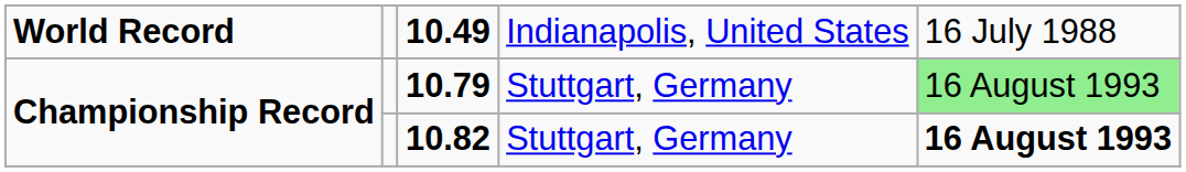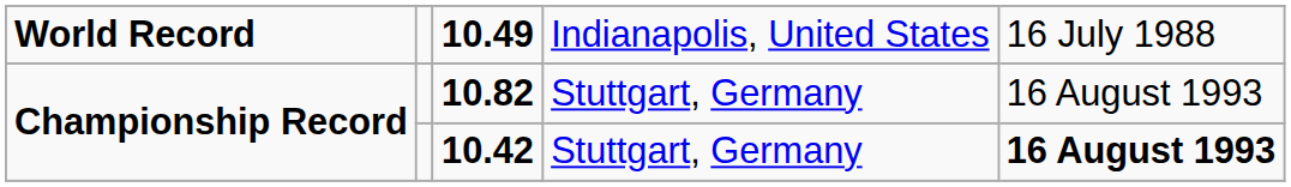 <table class="wikitable">
 <tr>
 <td><strong>World Record</strong></td>
 <td></td>
 <td><strong>10.49</strong></td>
 <td><a href='#'>Indianapolis</a>, <a href='#'>United States</a></td>
 <td>16 July 1988</td>
 </tr>
 <tr>
 <td rowspan="2"><strong>Championship Record</strong></td>
 <td></td>
-<td><strong>10.79</strong></td>
+<td><strong>10.82</strong></td>
 <td><a href='#'>Stuttgart</a>, <a href='#'>Germany</a></td>
-<td style="background: lightgreen;">16 August 1993</td>
+<td>16 August 1993</td>
 </tr>
 <tr>
 <td></td>
-<td><strong>10.82</strong></td>
+<td><strong>10.42</strong></td>
 <td><a href='#'>Stuttgart</a>, <a href='#'>Germany</a></td>
 <td><strong>16 August 1993</strong></td>
 </tr>
 </table>
